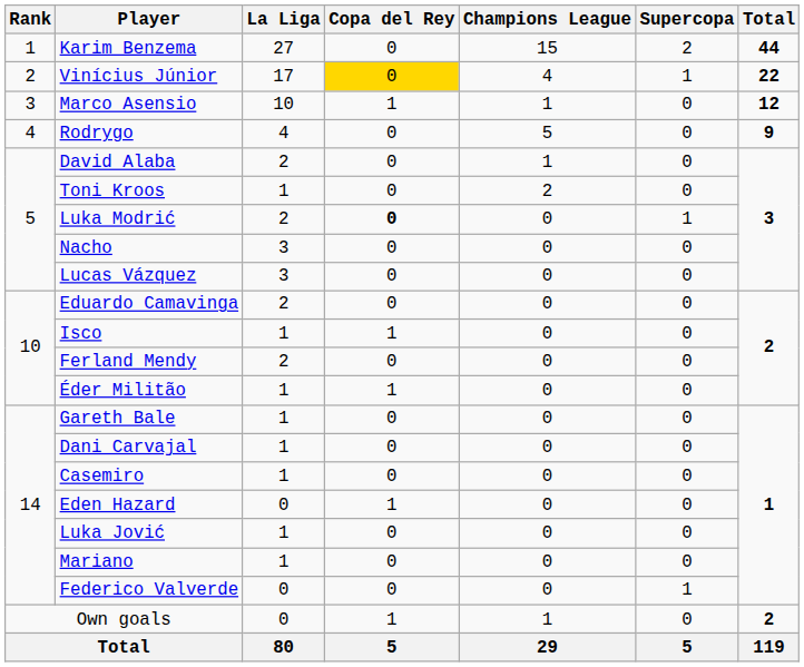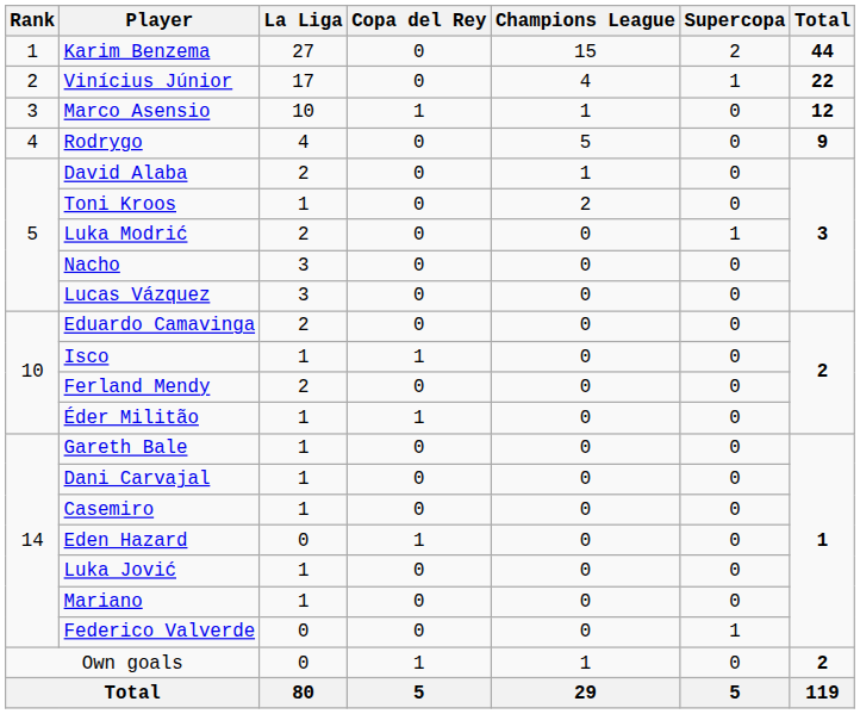 <table class="wikitable" style="text-align:center;">
 <tr>
 <th>Rank</th>
 <th>Player</th>
 <th>La Liga</th>
 <th>Copa del Rey</th>
 <th>Champions League</th>
 <th>Supercopa</th>
 <th>Total</th>
 </tr>
 <tr>
 <td>1</td>
 <td align=left> <a href='#'>Karim Benzema</a></td>
 <td>27</td>
 <td>0</td>
 <td>15</td>
 <td>2</td>
 <td><strong>44</strong></td>
 </tr>
 <tr>
 <td>2</td>
 <td align=left> <a href='#'>Vinícius Júnior</a></td>
 <td>17</td>
-<td style="background: gold;">0</td>
+<td>0</td>
 <td>4</td>
 <td>1</td>
 <td><strong>22</strong></td>
 </tr>
 <tr>
 <td>3</td>
 <td align=left> <a href='#'>Marco Asensio</a></td>
 <td>10</td>
 <td>1</td>
 <td>1</td>
 <td>0</td>
 <td><strong>12</strong></td>
 </tr>
 <tr>
 <td>4</td>
 <td align=left> <a href='#'>Rodrygo</a></td>
 <td>4</td>
 <td>0</td>
 <td>5</td>
 <td>0</td>
 <td><strong>9</strong></td>
 </tr>
 <tr>
 <td rowspan="5">5</td>
 <td align=left> <a href='#'>David Alaba</a></td>
 <td>2</td>
 <td>0</td>
 <td>1</td>
 <td>0</td>
 <td rowspan="5"><strong>3</strong></td>
 </tr>
 <tr>
 <td align=left> <a href='#'>Toni Kroos</a></td>
 <td>1</td>
 <td>0</td>
 <td>2</td>
 <td>0</td>
 </tr>
 <tr>
 <td align=left> <a href='#'>Luka Modrić</a></td>
 <td>2</td>
-<td><strong>0</strong></td>
+<td>0</td>
 <td>0</td>
 <td>1</td>
 </tr>
 <tr>
 <td align=left> <a href='#'>Nacho</a></td>
 <td>3</td>
 <td>0</td>
 <td>0</td>
 <td>0</td>
 </tr>
 <tr>
 <td align=left> <a href='#'>Lucas Vázquez</a></td>
 <td>3</td>
 <td>0</td>
 <td>0</td>
 <td>0</td>
 </tr>
 <tr>
 <td rowspan="4">10</td>
 <td align=left> <a href='#'>Eduardo Camavinga</a></td>
 <td>2</td>
 <td>0</td>
 <td>0</td>
 <td>0</td>
 <td rowspan="4"><strong>2</strong></td>
 </tr>
 <tr>
 <td align=left> <a href='#'>Isco</a></td>
 <td>1</td>
 <td>1</td>
 <td>0</td>
 <td>0</td>
 </tr>
 <tr>
 <td align=left> <a href='#'>Ferland Mendy</a></td>
 <td>2</td>
 <td>0</td>
 <td>0</td>
 <td>0</td>
 </tr>
 <tr>
 <td align=left> <a href='#'>Éder Militão</a></td>
 <td>1</td>
 <td>1</td>
 <td>0</td>
 <td>0</td>
 </tr>
 <tr>
 <td rowspan="7">14</td>
 <td align=left> <a href='#'>Gareth Bale</a></td>
 <td>1</td>
 <td>0</td>
 <td>0</td>
 <td>0</td>
 <td rowspan="7"><strong>1</strong></td>
 </tr>
 <tr>
 <td align=left> <a href='#'>Dani Carvajal</a></td>
 <td>1</td>
 <td>0</td>
 <td>0</td>
 <td>0</td>
 </tr>
 <tr>
 <td align=left> <a href='#'>Casemiro</a></td>
 <td>1</td>
 <td>0</td>
 <td>0</td>
 <td>0</td>
 </tr>
 <tr>
 <td align=left> <a href='#'>Eden Hazard</a></td>
 <td>0</td>
 <td>1</td>
 <td>0</td>
 <td>0</td>
 </tr>
 <tr>
 <td align=left> <a href='#'>Luka Jović</a></td>
 <td>1</td>
 <td>0</td>
 <td>0</td>
 <td>0</td>
 </tr>
 <tr>
 <td align=left> <a href='#'>Mariano</a></td>
 <td>1</td>
 <td>0</td>
 <td>0</td>
 <td>0</td>
 </tr>
 <tr>
 <td align=left> <a href='#'>Federico Valverde</a></td>
 <td>0</td>
 <td>0</td>
 <td>0</td>
 <td>1</td>
 </tr>
 <tr>
 <td align=center colspan=2>Own goals</td>
 <td>0</td>
 <td>1</td>
 <td>1</td>
 <td>0</td>
 <td><strong>2</strong></td>
 </tr>
 <tr>
 <th colspan=2>Total</th>
 <th>80</th>
 <th>5</th>
 <th>29</th>
 <th>5</th>
 <th>119</th>
 </tr>
 </table>
